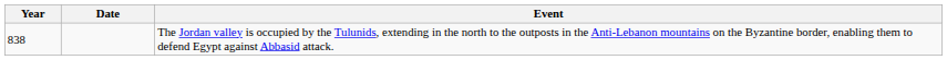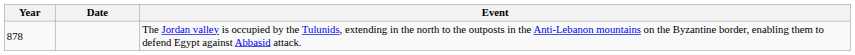 <table class="wikitable" width="100%">
 <tr>
 <th style="width:6%">Year</th>
 <th style="width:10%">Date</th>
 <th>Event</th>
 </tr>
 <tr>
-<td>838</td>
+<td>878</td>
 <td></td>
 <td>The <a href='#'>Jordan valley</a> is occupied by the <a href='#'>Tulunids</a>, extending in the north to the outposts in the <a href='#'>Anti-Lebanon mountains</a> on the Byzantine border, enabling them to defend Egypt against <a href='#'>Abbasid</a> attack. </td>
 </tr>
 </table>
